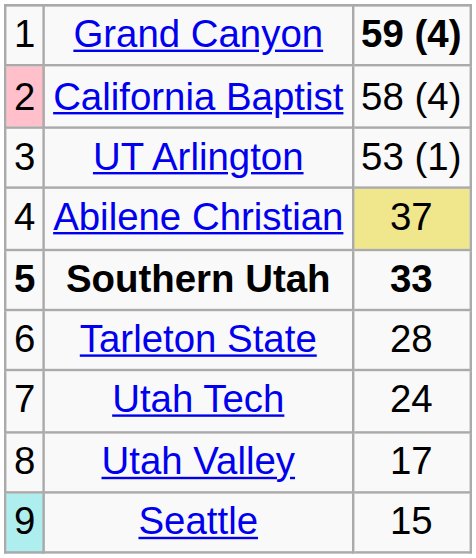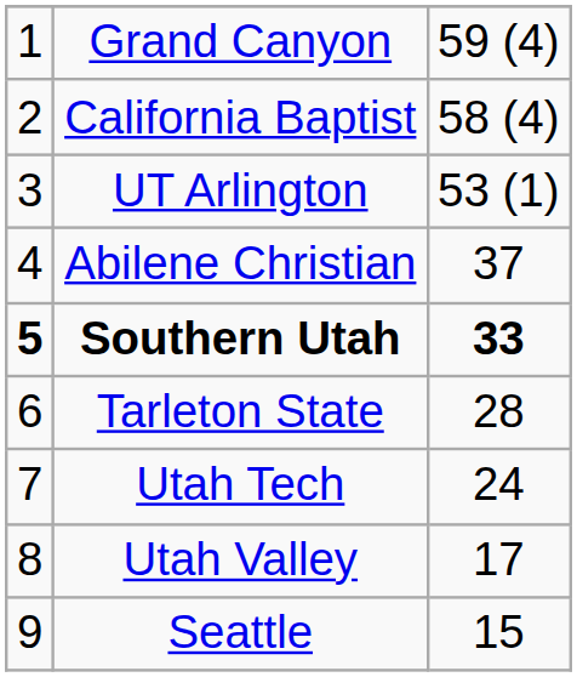 <table class="wikitable" border="1">
 <tr align=center>
 </tr>
 <tr align="center">
 <td>1</td>
 <td><a href='#'>Grand Canyon</a></td>
-<td><strong>59 (4)</strong></td>
+<td>59 (4)</td>
 </tr>
 <tr align="center">
-<td style="background: pink;">2</td>
+<td>2</td>
 <td><a href='#'>California Baptist</a></td>
 <td>58 (4)</td>
 </tr>
 <tr align="center">
 <td>3</td>
 <td><a href='#'>UT Arlington</a></td>
 <td>53 (1)</td>
 </tr>
 <tr align="center">
 <td>4</td>
 <td><a href='#'>Abilene Christian</a></td>
-<td style="background: khaki;">37</td>
+<td>37</td>
 </tr>
 <tr align="center">
 <td><strong>5</strong></td>
 <td><strong>Southern Utah</strong></td>
 <td><strong>33</strong></td>
 </tr>
 <tr align="center">
 <td>6</td>
 <td><a href='#'>Tarleton State</a></td>
 <td>28</td>
 </tr>
 <tr align="center">
 <td>7</td>
 <td><a href='#'>Utah Tech</a></td>
 <td>24</td>
 </tr>
 <tr align="center">
 <td>8</td>
 <td><a href='#'>Utah Valley</a></td>
 <td>17</td>
 </tr>
 <tr align="center">
-<td style="background: paleturquoise;">9</td>
+<td>9</td>
 <td><a href='#'>Seattle</a></td>
 <td>15</td>
 </tr>
 </table>
